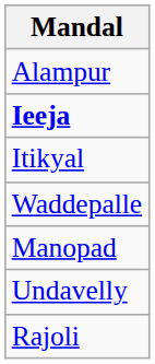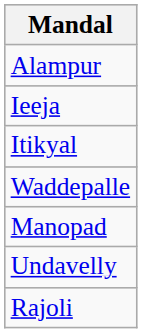 <table class="wikitable sortable static-row-numbers static-row-header-hash">
 <tr>
 <th>Mandal</th>
 </tr>
 <tr>
 <td><a href='#'>Alampur</a></td>
 </tr>
 <tr>
-<td><strong><a href='#'>Ieeja</a></strong></td>
+<td><a href='#'>Ieeja</a></td>
 </tr>
 <tr>
 <td><a href='#'>Itikyal</a></td>
 </tr>
 <tr>
 <td><a href='#'>Waddepalle</a></td>
 </tr>
 <tr>
 <td><a href='#'>Manopad</a></td>
 </tr>
 <tr>
 <td><a href='#'>Undavelly</a></td>
 </tr>
 <tr>
 <td><a href='#'>Rajoli</a></td>
 </tr>
 </table>
